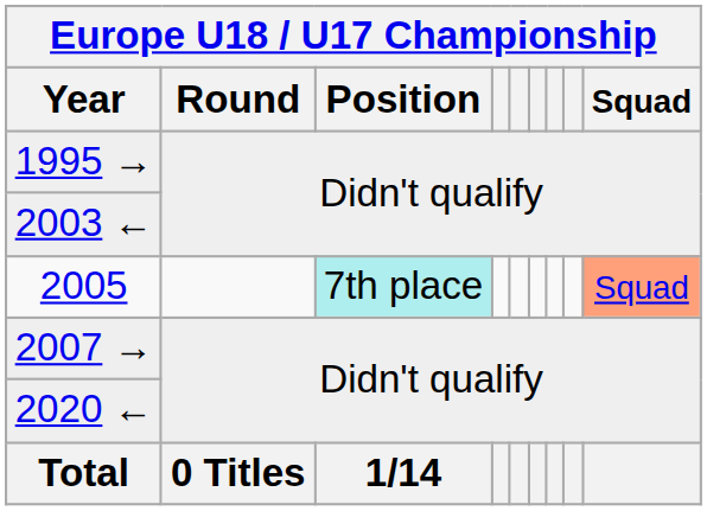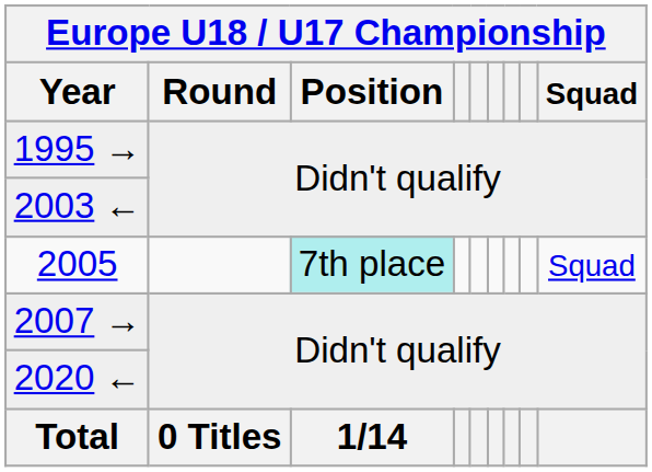 <table class="wikitable" style="text-align: center;">
 <tr>
 <th colspan=9><a href='#'>Europe U18 / U17 Championship</a></th>
 </tr>
 <tr>
 <th>Year</th>
 <th>Round</th>
 <th>Position</th>
 <th></th>
 <th></th>
 <th></th>
 <th></th>
 <th></th>
 <th><small>Squad</small></th>
 </tr>
 <tr bgcolor="efefef">
 <td> <a href='#'>1995</a> →</td>
 <td colspan="9" rowspan="2">Didn't qualify</td>
 </tr>
 <tr bgcolor="efefef">
 <td> <a href='#'>2003</a> ←</td>
 </tr>
 <tr>
 <td> <a href='#'>2005</a></td>
 <td></td>
 <td style="background: paleturquoise;">7th place</td>
 <td></td>
 <td></td>
 <td></td>
 <td></td>
 <td></td>
-<td style="background: lightsalmon;"><small> <a href='#'>Squad</a></small></td>
+<td><small> <a href='#'>Squad</a></small></td>
 </tr>
 <tr bgcolor="efefef">
 <td> <a href='#'>2007</a> →</td>
 <td colspan="8" rowspan="2">Didn't qualify</td>
 </tr>
 <tr bgcolor="efefef">
 <td> <a href='#'>2020</a> ←</td>
 </tr>
 <tr>
 <th>Total</th>
 <th>0 Titles</th>
 <th>1/14</th>
 <th></th>
 <th></th>
 <th></th>
 <th></th>
 <th></th>
 <th></th>
 </tr>
 </table>
